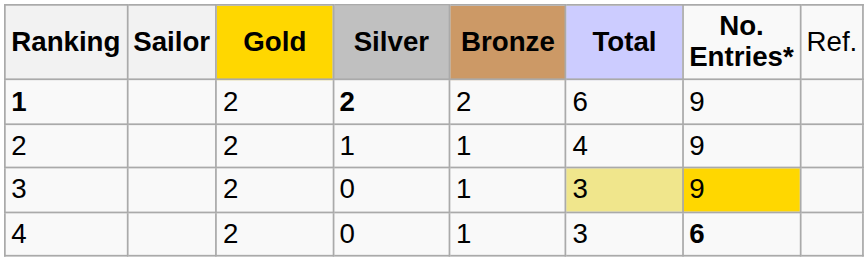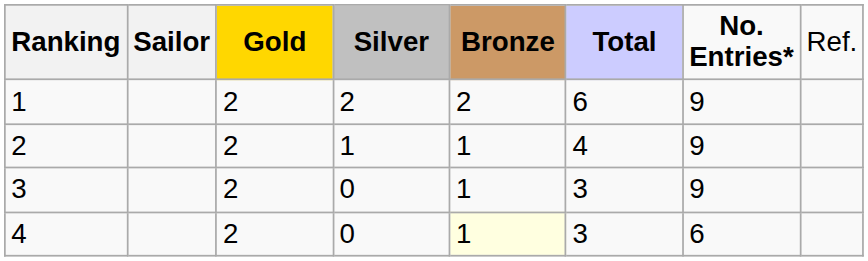 <table class="wikitable sortable">
 <tr>
 <th align=center><strong>Ranking</strong></th>
 <th align=center><strong>Sailor</strong></th>
 <td style="background:gold; width:60px; text-align:center;"><strong>Gold</strong></td>
 <td style="background:silver; width:60px; text-align:center;"><strong>Silver</strong></td>
 <td style="background:#c96; width:60px; text-align:center;"><strong>Bronze</strong></td>
 <td style="background:#ccf; width:60px; text-align:center;"><strong>Total</strong></td>
 <td style="width:60px; text-align:center;"><strong>No. Entries*</strong></td>
 <td>Ref.</td>
 </tr>
 <tr>
-<td><strong>1</strong></td>
+<td>1</td>
 <td></td>
 <td>2</td>
-<td><strong>2</strong></td>
+<td>2</td>
 <td>2</td>
 <td>6</td>
 <td>9</td>
 <td></td>
 </tr>
 <tr>
 <td>2</td>
 <td></td>
 <td>2</td>
 <td>1</td>
 <td>1</td>
 <td>4</td>
 <td>9</td>
 <td></td>
 </tr>
 <tr>
 <td>3</td>
 <td></td>
 <td>2</td>
 <td>0</td>
 <td>1</td>
-<td style="background: khaki;">3</td>
-<td style="background: gold;">9</td>
+<td>3</td>
+<td>9</td>
 <td></td>
 </tr>
 <tr>
 <td>4</td>
 <td></td>
 <td>2</td>
 <td>0</td>
-<td>1</td>
+<td style="background: lightyellow;">1</td>
 <td>3</td>
-<td><strong>6</strong></td>
+<td>6</td>
 <td></td>
 </tr>
 </table>
